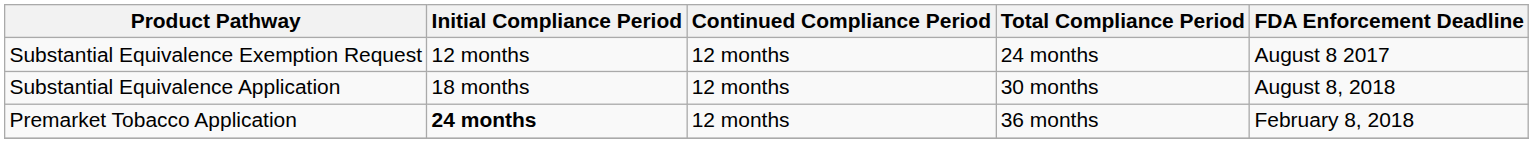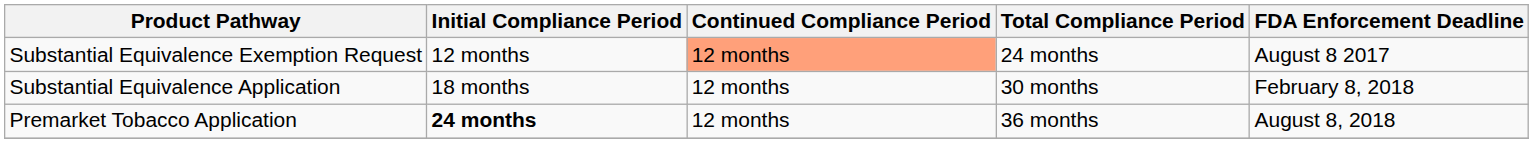 <table class="wikitable">
 <tr>
 <th>Product Pathway</th>
 <th>Initial Compliance Period</th>
 <th>Continued Compliance Period</th>
 <th>Total Compliance Period</th>
 <th>FDA Enforcement Deadline</th>
 </tr>
 <tr>
 <td>Substantial Equivalence Exemption Request</td>
 <td>12 months</td>
-<td>12 months</td>
+<td style="background: lightsalmon;">12 months</td>
 <td>24 months</td>
 <td>August 8 2017</td>
 </tr>
 <tr>
 <td>Substantial Equivalence Application</td>
 <td>18 months</td>
 <td>12 months</td>
 <td>30 months</td>
-<td>August 8, 2018</td>
+<td>February 8, 2018</td>
 </tr>
 <tr>
 <td>Premarket Tobacco Application</td>
 <td><strong>24 months</strong></td>
 <td>12 months</td>
 <td>36 months</td>
-<td>February 8, 2018</td>
+<td>August 8, 2018</td>
 </tr>
 <tr>
 </tr>
 </table>
